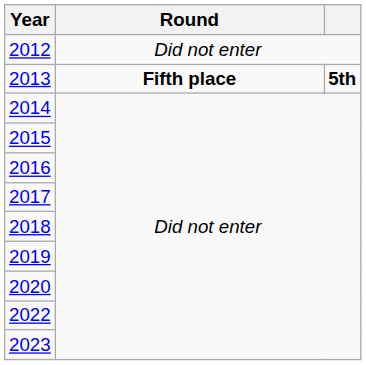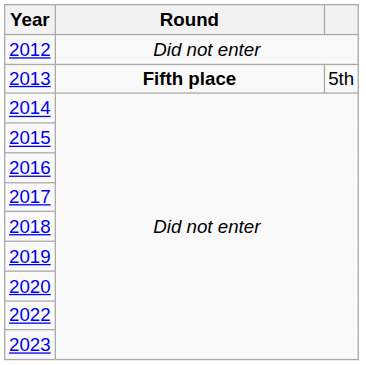 <table class="wikitable" style="text-align: center; font-size:90%">
 <tr>
 <th>Year</th>
 <th style="width:200px">Round</th>
 <th></th>
 </tr>
 <tr>
 <td><a href='#'>2012</a></td>
 <td colspan="2"><em>Did not enter</em></td>
 </tr>
 <tr>
 <td><a href='#'>2013</a></td>
 <td><strong>Fifth place</strong></td>
-<td><strong>5th</strong></td>
+<td>5th</td>
 </tr>
 <tr>
 <td><a href='#'>2014</a></td>
 <td colspan="2" rowspan="9"><em>Did not enter</em></td>
 </tr>
 <tr>
 <td><a href='#'>2015</a></td>
 </tr>
 <tr>
 <td><a href='#'>2016</a></td>
 </tr>
 <tr>
 <td><a href='#'>2017</a></td>
 </tr>
 <tr>
 <td><a href='#'>2018</a></td>
 </tr>
 <tr>
 <td><a href='#'>2019</a></td>
 </tr>
 <tr>
 <td><a href='#'>2020</a></td>
 </tr>
 <tr>
 <td><a href='#'>2022</a></td>
 </tr>
 <tr>
 <td><a href='#'>2023</a></td>
 </tr>
 </table>
